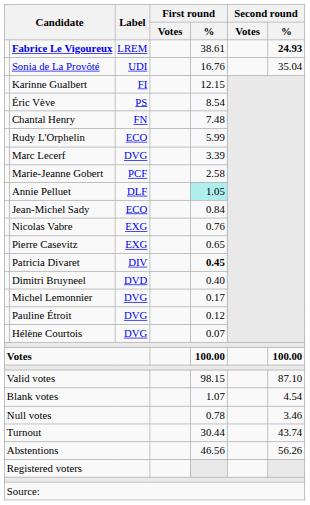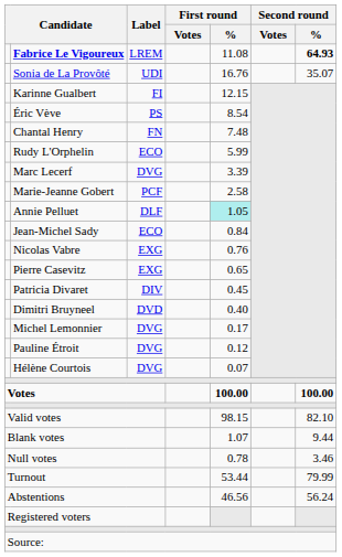 <table class="wikitable" style="text-align:right;font-size:95%;">
 <tr>
 <th colspan="2" rowspan="2">Candidate</th>
 <th rowspan="2">Label</th>
 <th colspan="2">First round</th>
 <th colspan="2">Second round</th>
 </tr>
 <tr>
 <th style="width:50px;">Votes</th>
 <th style="width:45px;">%</th>
 <th style="width:50px;">Votes</th>
 <th style="width:45px;">%</th>
 </tr>
 <tr>
 <td style="color:inherit;background:"></td>
 <td style="text-align:left;"><strong><a href='#'>Fabrice Le Vigoureux</a></strong></td>
 <td><a href='#'>LREM</a></td>
 <td></td>
-<td>38.61</td>
+<td>11.08</td>
 <td><strong></strong></td>
-<td><strong>24.93</strong></td>
+<td><strong>64.93</strong></td>
 </tr>
 <tr>
 <td style="color:inherit;background:"></td>
 <td style="text-align:left;"><a href='#'>Sonia de La Provôté</a></td>
 <td><a href='#'>UDI</a></td>
 <td></td>
 <td>16.76</td>
 <td></td>
-<td>35.04</td>
+<td>35.07</td>
 </tr>
 <tr>
 <td style="color:inherit;background:"></td>
 <td style="text-align:left;">Karinne Gualbert</td>
 <td><a href='#'>FI</a></td>
 <td></td>
 <td>12.15</td>
 <td colspan="2" rowspan="15" style="background:#E9E9E9;"></td>
 </tr>
 <tr>
 <td style="color:inherit;background:"></td>
 <td style="text-align:left;">Éric Vève</td>
 <td><a href='#'>PS</a></td>
 <td></td>
 <td>8.54</td>
 </tr>
 <tr>
 <td style="color:inherit;background:"></td>
 <td style="text-align:left;">Chantal Henry</td>
 <td><a href='#'>FN</a></td>
 <td></td>
 <td>7.48</td>
 </tr>
 <tr>
 <td style="color:inherit;background:"></td>
 <td style="text-align:left;">Rudy L'Orphelin</td>
 <td><a href='#'>ECO</a></td>
 <td></td>
 <td>5.99</td>
 </tr>
 <tr>
 <td style="color:inherit;background:"></td>
 <td style="text-align:left;">Marc Lecerf</td>
 <td><a href='#'>DVG</a></td>
 <td></td>
 <td>3.39</td>
 </tr>
 <tr>
 <td style="color:inherit;background:"></td>
 <td style="text-align:left;">Marie-Jeanne Gobert</td>
 <td><a href='#'>PCF</a></td>
 <td></td>
 <td>2.58</td>
 </tr>
 <tr>
 <td style="color:inherit;background:"></td>
 <td style="text-align:left;">Annie Pelluet</td>
 <td><a href='#'>DLF</a></td>
 <td></td>
 <td style="background: paleturquoise;">1.05</td>
 </tr>
 <tr>
 <td style="color:inherit;background:"></td>
 <td style="text-align:left;">Jean-Michel Sady</td>
 <td><a href='#'>ECO</a></td>
 <td></td>
 <td>0.84</td>
 </tr>
 <tr>
 <td style="color:inherit;background:"></td>
 <td style="text-align:left;">Nicolas Vabre</td>
 <td><a href='#'>EXG</a></td>
 <td></td>
 <td>0.76</td>
 </tr>
 <tr>
 <td style="color:inherit;background:"></td>
 <td style="text-align:left;">Pierre Casevitz</td>
 <td><a href='#'>EXG</a></td>
 <td></td>
 <td>0.65</td>
 </tr>
 <tr>
 <td style="color:inherit;background:"></td>
 <td style="text-align:left;">Patricia Divaret</td>
 <td><a href='#'>DIV</a></td>
 <td></td>
-<td><strong>0.45</strong></td>
+<td>0.45</td>
 </tr>
 <tr>
 <td style="color:inherit;background:"></td>
 <td style="text-align:left;">Dimitri Bruyneel</td>
 <td><a href='#'>DVD</a></td>
 <td></td>
 <td>0.40</td>
 </tr>
 <tr>
 <td style="color:inherit;background:"></td>
 <td style="text-align:left;">Michel Lemonnier</td>
 <td><a href='#'>DVG</a></td>
 <td></td>
 <td>0.17</td>
 </tr>
 <tr>
 <td style="color:inherit;background:"></td>
 <td style="text-align:left;">Pauline Étroit</td>
 <td><a href='#'>DVG</a></td>
 <td></td>
 <td>0.12</td>
 </tr>
 <tr>
 <td style="color:inherit;background:"></td>
 <td style="text-align:left;">Hélène Courtois</td>
 <td><a href='#'>DVG</a></td>
 <td></td>
 <td>0.07</td>
 </tr>
 <tr>
 <td colspan="7" style="background:#E9E9E9;"></td>
 </tr>
 <tr style="font-weight:bold;">
 <td colspan="3" style="text-align:left;">Votes</td>
 <td></td>
 <td>100.00</td>
 <td></td>
 <td>100.00</td>
 </tr>
 <tr>
 <td colspan="7" style="background:#E9E9E9;"></td>
 </tr>
 <tr>
 <td colspan="3" style="text-align:left;">Valid votes</td>
 <td></td>
 <td>98.15</td>
 <td></td>
-<td>87.10</td>
+<td>82.10</td>
 </tr>
 <tr>
 <td colspan="3" style="text-align:left;">Blank votes</td>
 <td></td>
 <td>1.07</td>
 <td></td>
-<td>4.54</td>
+<td>9.44</td>
 </tr>
 <tr>
 <td colspan="3" style="text-align:left;">Null votes</td>
 <td></td>
 <td>0.78</td>
 <td></td>
 <td>3.46</td>
 </tr>
 <tr>
 <td colspan="3" style="text-align:left;">Turnout</td>
 <td></td>
-<td>30.44</td>
+<td>53.44</td>
 <td></td>
-<td>43.74</td>
+<td>79.99</td>
 </tr>
 <tr>
 <td colspan="3" style="text-align:left;">Abstentions</td>
 <td></td>
 <td>46.56</td>
 <td></td>
-<td>56.26</td>
+<td>56.24</td>
 </tr>
 <tr>
 <td colspan="3" style="text-align:left;">Registered voters</td>
 <td></td>
 <td style="color:inherit;background:#E9E9E9;"></td>
 <td></td>
 <td style="color:inherit;background:#E9E9E9;"></td>
 </tr>
 <tr>
 <td colspan="7" style="background:#E9E9E9;"></td>
 </tr>
 <tr>
 <td colspan="7" style="text-align:left;">Source: </td>
 </tr>
 </table>
